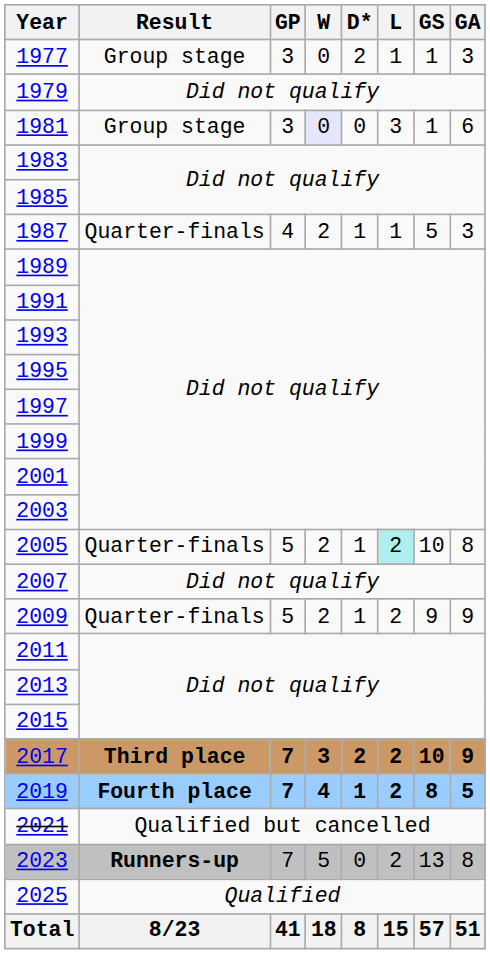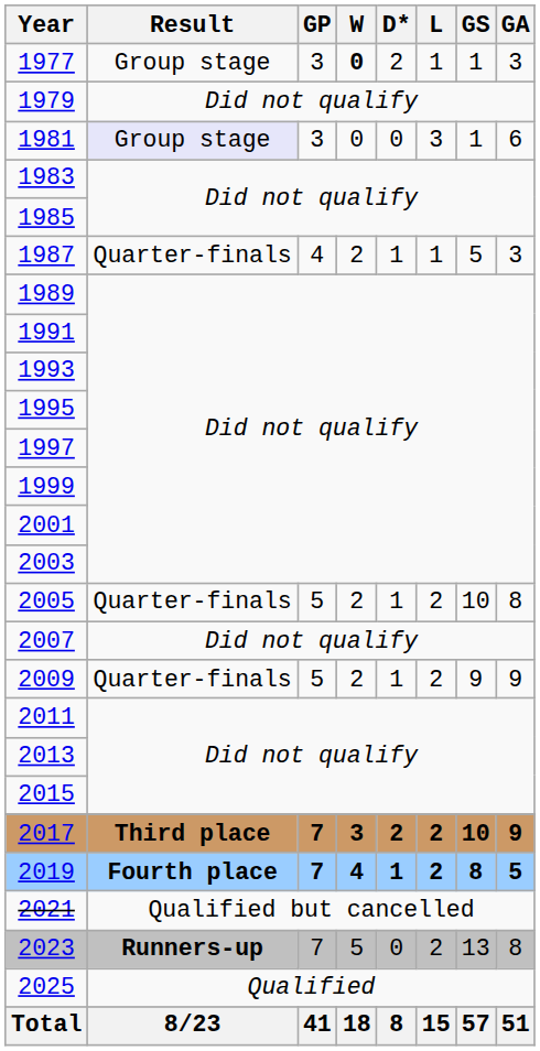 <table class="wikitable" style="text-align: center;">
 <tr>
 <th>Year</th>
 <th>Result</th>
 <th>GP</th>
 <th>W</th>
 <th>D*</th>
 <th>L</th>
 <th>GS</th>
 <th>GA</th>
 </tr>
 <tr>
 <td> <a href='#'>1977</a></td>
 <td>Group stage</td>
 <td>3</td>
-<td>0</td>
+<td><strong>0</strong></td>
 <td>2</td>
 <td>1</td>
 <td>1</td>
 <td>3</td>
 </tr>
 <tr>
 <td> <a href='#'>1979</a></td>
 <td colspan=8><em>Did not qualify</em></td>
 </tr>
 <tr>
 <td> <a href='#'>1981</a></td>
-<td>Group stage</td>
+<td style="background: lavender;">Group stage</td>
 <td>3</td>
-<td style="background: lavender;">0</td>
+<td>0</td>
 <td>0</td>
 <td>3</td>
 <td>1</td>
 <td>6</td>
 </tr>
 <tr>
 <td> <a href='#'>1983</a></td>
 <td rowspan=2 colspan=8><em>Did not qualify</em></td>
 </tr>
 <tr>
 <td> <a href='#'>1985</a></td>
 </tr>
 <tr>
 <td> <a href='#'>1987</a></td>
 <td>Quarter-finals</td>
 <td>4</td>
 <td>2</td>
 <td>1</td>
 <td>1</td>
 <td>5</td>
 <td>3</td>
 </tr>
 <tr>
 <td> <a href='#'>1989</a></td>
 <td rowspan=8 colspan=8><em>Did not qualify</em></td>
 </tr>
 <tr>
 <td> <a href='#'>1991</a></td>
 </tr>
 <tr>
 <td> <a href='#'>1993</a></td>
 </tr>
 <tr>
 <td> <a href='#'>1995</a></td>
 </tr>
 <tr>
 <td> <a href='#'>1997</a></td>
 </tr>
 <tr>
 <td> <a href='#'>1999</a></td>
 </tr>
 <tr>
 <td> <a href='#'>2001</a></td>
 </tr>
 <tr>
 <td> <a href='#'>2003</a></td>
 </tr>
 <tr>
 <td> <a href='#'>2005</a></td>
 <td>Quarter-finals</td>
 <td>5</td>
 <td>2</td>
 <td>1</td>
-<td style="background: paleturquoise;">2</td>
+<td>2</td>
 <td>10</td>
 <td>8</td>
 </tr>
 <tr>
 <td> <a href='#'>2007</a></td>
 <td colspan=8><em>Did not qualify</em></td>
 </tr>
 <tr>
 <td> <a href='#'>2009</a></td>
 <td>Quarter-finals</td>
 <td>5</td>
 <td>2</td>
 <td>1</td>
 <td>2</td>
 <td>9</td>
 <td>9</td>
 </tr>
 <tr>
 <td> <a href='#'>2011</a></td>
 <td rowspan=3 colspan=8><em>Did not qualify</em></td>
 </tr>
 <tr>
 <td> <a href='#'>2013</a></td>
 </tr>
 <tr>
 <td> <a href='#'>2015</a></td>
 </tr>
 <tr>
 </tr>
 <tr style="background:#c96;">
 <td> <a href='#'>2017</a></td>
 <td><strong>Third place</strong></td>
 <td><strong>7</strong></td>
 <td><strong>3</strong></td>
 <td><strong>2</strong></td>
 <td><strong>2</strong></td>
 <td><strong>10</strong></td>
 <td><strong>9</strong></td>
 </tr>
 <tr style="background:#9acdff;">
 <td> <a href='#'>2019</a></td>
 <td><strong>Fourth place</strong></td>
 <td><strong>7</strong></td>
 <td><strong>4</strong></td>
 <td><strong>1</strong></td>
 <td><strong>2</strong></td>
 <td><strong>8</strong></td>
 <td><strong>5</strong></td>
 </tr>
 <tr>
 <td> <s><a href='#'>2021</a></s></td>
 <td colspan=8>Qualified but cancelled</td>
 </tr>
 <tr bgcolor=silver>
 <td> <a href='#'>2023</a></td>
 <td><strong>Runners-up</strong></td>
 <td>7</td>
 <td>5</td>
 <td>0</td>
 <td>2</td>
 <td>13</td>
 <td>8</td>
 </tr>
 <tr>
 <td> <a href='#'>2025</a></td>
 <td colspan=8><em>Qualified</em></td>
 </tr>
 <tr>
 <th><strong>Total</strong></th>
 <th><strong>8/23</strong></th>
 <th><strong>41</strong></th>
 <th><strong>18</strong></th>
 <th><strong>8</strong></th>
 <th><strong>15</strong></th>
 <th><strong>57</strong></th>
 <th><strong>51</strong></th>
 </tr>
 </table>
